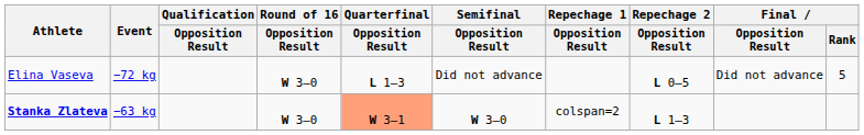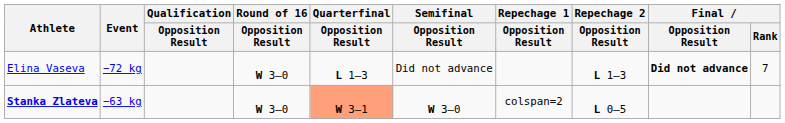 <table class="wikitable" style="font-size:90%">
 <tr>
 <th rowspan="2">Athlete</th>
 <th rowspan="2">Event</th>
 <th>Qualification</th>
 <th>Round of 16</th>
 <th>Quarterfinal</th>
 <th>Semifinal</th>
 <th>Repechage 1</th>
 <th>Repechage 2</th>
 <th colspan=2>Final / </th>
 </tr>
 <tr style="font-size: 95%">
 <th>Opposition<br>Result</th>
 <th>Opposition<br>Result</th>
 <th>Opposition<br>Result</th>
 <th>Opposition<br>Result</th>
 <th>Opposition<br>Result</th>
 <th>Opposition<br>Result</th>
 <th>Opposition<br>Result</th>
 <th>Rank</th>
 </tr>
 <tr align=center>
 <td align=left><a href='#'>Elina Vaseva</a></td>
 <td align=left><a href='#'>−72 kg</a></td>
 <td></td>
 <td><br><strong>W</strong> 3–0 <sup></sup></td>
 <td> <br><strong>L</strong> 1–3 <sup></sup></td>
 <td>Did not advance</td>
 <td></td>
-<td> <br><strong>L</strong> 0–5 <sup></sup></td>
-<td>Did not advance</td>
-<td>5</td>
+<td> <br><strong>L</strong> 1–3 <sup></sup></td>
+<td><strong>Did not advance</strong></td>
+<td>7</td>
 </tr>
 <tr align=center>
 <td align=left><strong><a href='#'>Stanka Zlateva</a></strong></td>
 <td align=left><a href='#'>−63 kg</a></td>
 <td></td>
 <td><br><strong>W</strong> 3–0 <sup></sup></td>
 <td style="background: lightsalmon;"><br><strong>W</strong> 3–1 <sup></sup></td>
 <td> <br><strong>W</strong> 3–0 <sup></sup></td>
 <td>colspan=2 </td>
-<td> <br><strong>L</strong> 1–3 <sup></sup></td>
+<td> <br><strong>L</strong> 0–5 <sup></sup></td>
 <td></td>
 </tr>
 </table>
